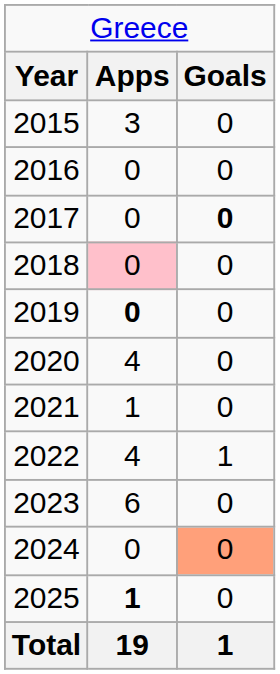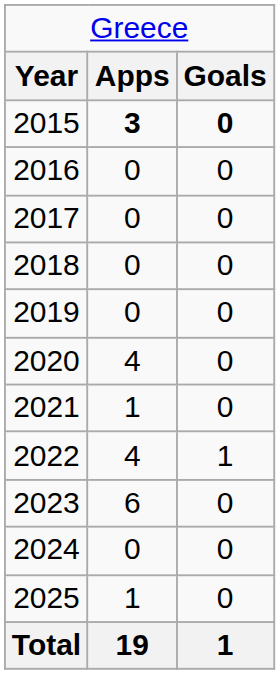 <table class="wikitable" style="text-align:center">
 <tr>
 <td colspan=4><a href='#'>Greece</a></td>
 </tr>
 <tr>
 <th>Year</th>
 <th>Apps</th>
 <th>Goals</th>
 </tr>
 <tr>
 <td>2015</td>
-<td>3</td>
-<td>0</td>
+<td><strong>3</strong></td>
+<td><strong>0</strong></td>
 </tr>
 <tr>
 <td>2016</td>
 <td>0</td>
 <td>0</td>
 </tr>
 <tr>
 <td>2017</td>
 <td>0</td>
-<td><strong>0</strong></td>
+<td>0</td>
 </tr>
 <tr>
 <td>2018</td>
-<td style="background: pink;">0</td>
+<td>0</td>
 <td>0</td>
 </tr>
 <tr>
 <td>2019</td>
-<td><strong>0</strong></td>
+<td>0</td>
 <td>0</td>
 </tr>
 <tr>
 <td>2020</td>
 <td>4</td>
 <td>0</td>
 </tr>
 <tr>
 <td>2021</td>
 <td>1</td>
 <td>0</td>
 </tr>
 <tr>
 <td>2022</td>
 <td>4</td>
 <td>1</td>
 </tr>
 <tr>
 <td>2023</td>
 <td>6</td>
 <td>0</td>
 </tr>
 <tr>
 <td>2024</td>
 <td>0</td>
-<td style="background: lightsalmon;">0</td>
+<td>0</td>
 </tr>
 <tr>
 <td>2025</td>
-<td><strong>1</strong></td>
+<td>1</td>
 <td>0</td>
 </tr>
 <tr>
 <th>Total</th>
 <th>19</th>
 <th>1</th>
 </tr>
 </table>
